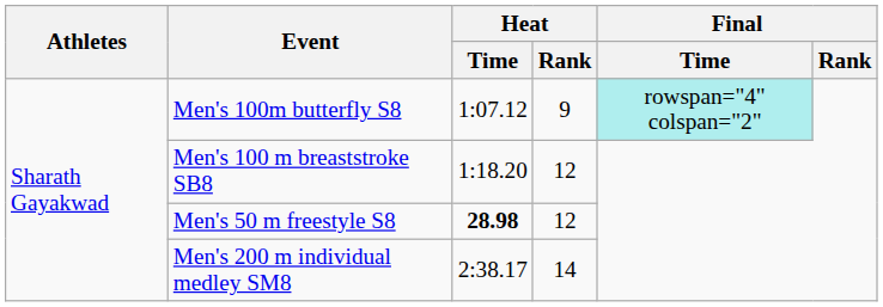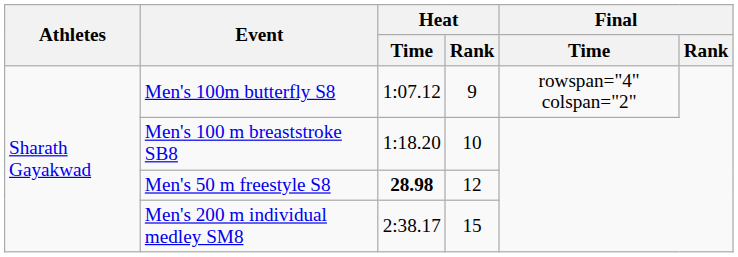 <table class=wikitable>
 <tr>
 <th rowspan="2">Athletes</th>
 <th rowspan="2">Event</th>
 <th colspan="2">Heat</th>
 <th colspan="2">Final</th>
 </tr>
 <tr>
 <th>Time</th>
 <th>Rank</th>
 <th>Time</th>
 <th>Rank</th>
 </tr>
 <tr align=center>
 <td align=left rowspan=4><a href='#'>Sharath Gayakwad</a></td>
 <td align=left><a href='#'>Men's 100m butterfly S8</a></td>
 <td>1:07.12</td>
 <td>9</td>
-<td style="background: paleturquoise;">rowspan="4" colspan="2" </td>
+<td>rowspan="4" colspan="2" </td>
 </tr>
 <tr align=center>
 <td align=left><a href='#'>Men's 100 m breaststroke SB8</a></td>
 <td>1:18.20</td>
-<td>12</td>
+<td>10</td>
 </tr>
 <tr align=center>
 <td align=left><a href='#'>Men's 50 m freestyle S8</a></td>
 <td><strong>28.98</strong></td>
 <td>12</td>
 </tr>
 <tr align=center>
 <td align=left><a href='#'>Men's 200 m individual medley SM8</a></td>
 <td>2:38.17</td>
-<td>14</td>
+<td>15</td>
 </tr>
 </table>
